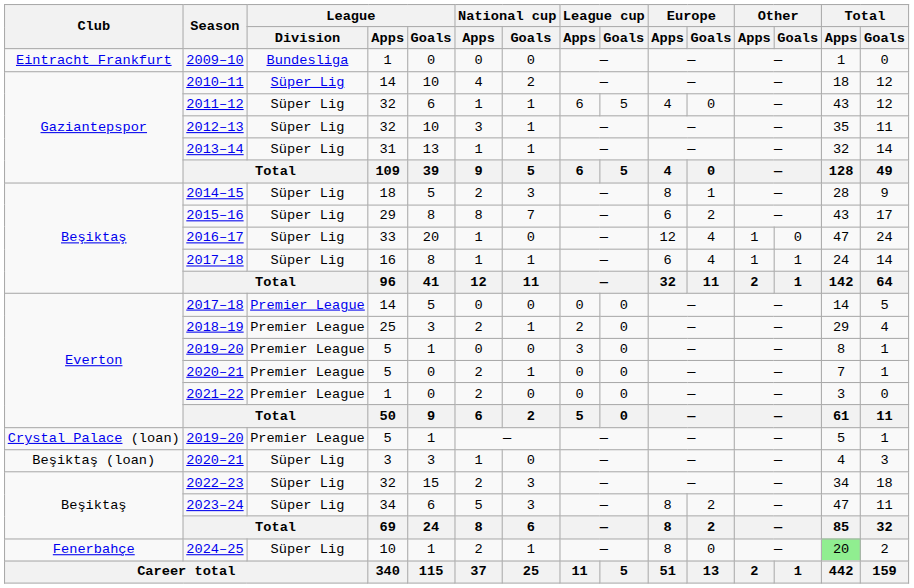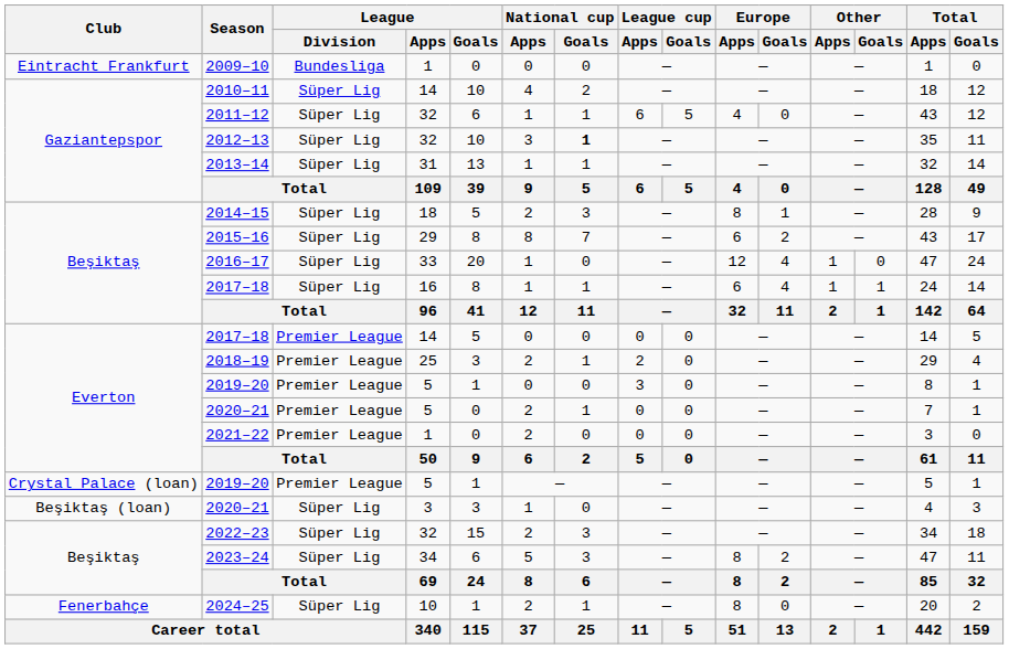 <table class="wikitable" style="text-align:center">
 <tr>
 <th rowspan="2">Club</th>
 <th rowspan="2">Season</th>
 <th colspan="3">League</th>
 <th colspan="2">National cup</th>
 <th colspan="2">League cup</th>
 <th colspan="2">Europe</th>
 <th colspan="2">Other</th>
 <th colspan="2">Total</th>
 </tr>
 <tr>
 <th>Division</th>
 <th>Apps</th>
 <th>Goals</th>
 <th>Apps</th>
 <th>Goals</th>
 <th>Apps</th>
 <th>Goals</th>
 <th>Apps</th>
 <th>Goals</th>
 <th>Apps</th>
 <th>Goals</th>
 <th>Apps</th>
 <th>Goals</th>
 </tr>
 <tr>
 <td><a href='#'>Eintracht Frankfurt</a></td>
 <td><a href='#'>2009–10</a></td>
 <td><a href='#'>Bundesliga</a></td>
 <td>1</td>
 <td>0</td>
 <td>0</td>
 <td>0</td>
 <td colspan="2">—</td>
 <td colspan="2">—</td>
 <td colspan="2">—</td>
 <td>1</td>
 <td>0</td>
 </tr>
 <tr>
 <td rowspan="5"><a href='#'>Gaziantepspor</a></td>
 <td><a href='#'>2010–11</a></td>
 <td><a href='#'>Süper Lig</a></td>
 <td>14</td>
 <td>10</td>
 <td>4</td>
 <td>2</td>
 <td colspan="2">—</td>
 <td colspan="2">—</td>
 <td colspan="2">—</td>
 <td>18</td>
 <td>12</td>
 </tr>
 <tr>
 <td><a href='#'>2011–12</a></td>
 <td>Süper Lig</td>
 <td>32</td>
 <td>6</td>
 <td>1</td>
 <td>1</td>
 <td>6</td>
 <td>5</td>
 <td>4</td>
 <td>0</td>
 <td colspan="2">—</td>
 <td>43</td>
 <td>12</td>
 </tr>
 <tr>
 <td><a href='#'>2012–13</a></td>
 <td>Süper Lig</td>
 <td>32</td>
 <td>10</td>
 <td>3</td>
-<td>1</td>
+<td><strong>1</strong></td>
 <td colspan="2">—</td>
 <td colspan="2">—</td>
 <td colspan="2">—</td>
 <td>35</td>
 <td>11</td>
 </tr>
 <tr>
 <td><a href='#'>2013–14</a></td>
 <td>Süper Lig</td>
 <td>31</td>
 <td>13</td>
 <td>1</td>
 <td>1</td>
 <td colspan="2">—</td>
 <td colspan="2">—</td>
 <td colspan="2">—</td>
 <td>32</td>
 <td>14</td>
 </tr>
 <tr>
 <th colspan="2">Total</th>
 <th>109</th>
 <th>39</th>
 <th>9</th>
 <th>5</th>
 <th>6</th>
 <th>5</th>
 <th>4</th>
 <th>0</th>
 <th colspan="2">—</th>
 <th>128</th>
 <th>49</th>
 </tr>
 <tr>
 <td rowspan="5"><a href='#'>Beşiktaş</a></td>
 <td><a href='#'>2014–15</a></td>
 <td>Süper Lig</td>
 <td>18</td>
 <td>5</td>
 <td>2</td>
 <td>3</td>
 <td colspan="2">—</td>
 <td>8</td>
 <td>1</td>
 <td colspan="2">—</td>
 <td>28</td>
 <td>9</td>
 </tr>
 <tr>
 <td><a href='#'>2015–16</a></td>
 <td>Süper Lig</td>
 <td>29</td>
 <td>8</td>
 <td>8</td>
 <td>7</td>
 <td colspan="2">—</td>
 <td>6</td>
 <td>2</td>
 <td colspan="2">—</td>
 <td>43</td>
 <td>17</td>
 </tr>
 <tr>
 <td><a href='#'>2016–17</a></td>
 <td>Süper Lig</td>
 <td>33</td>
 <td>20</td>
 <td>1</td>
 <td>0</td>
 <td colspan="2">—</td>
 <td>12</td>
 <td>4</td>
 <td>1</td>
 <td>0</td>
 <td>47</td>
 <td>24</td>
 </tr>
 <tr>
 <td><a href='#'>2017–18</a></td>
 <td>Süper Lig</td>
 <td>16</td>
 <td>8</td>
 <td>1</td>
 <td>1</td>
 <td colspan="2">—</td>
 <td>6</td>
 <td>4</td>
 <td>1</td>
 <td>1</td>
 <td>24</td>
 <td>14</td>
 </tr>
 <tr>
 <th colspan="2">Total</th>
 <th>96</th>
 <th>41</th>
 <th>12</th>
 <th>11</th>
 <th colspan="2">—</th>
 <th>32</th>
 <th>11</th>
 <th>2</th>
 <th>1</th>
 <th>142</th>
 <th>64</th>
 </tr>
 <tr>
 <td rowspan="6"><a href='#'>Everton</a></td>
 <td><a href='#'>2017–18</a></td>
 <td><a href='#'>Premier League</a></td>
 <td>14</td>
 <td>5</td>
 <td>0</td>
 <td>0</td>
 <td>0</td>
 <td>0</td>
 <td colspan="2">—</td>
 <td colspan="2">—</td>
 <td>14</td>
 <td>5</td>
 </tr>
 <tr>
 <td><a href='#'>2018–19</a></td>
 <td>Premier League</td>
 <td>25</td>
 <td>3</td>
 <td>2</td>
 <td>1</td>
 <td>2</td>
 <td>0</td>
 <td colspan="2">—</td>
 <td colspan="2">—</td>
 <td>29</td>
 <td>4</td>
 </tr>
 <tr>
 <td><a href='#'>2019–20</a></td>
 <td>Premier League</td>
 <td>5</td>
 <td>1</td>
 <td>0</td>
 <td>0</td>
 <td>3</td>
 <td>0</td>
 <td colspan="2">—</td>
 <td colspan="2">—</td>
 <td>8</td>
 <td>1</td>
 </tr>
 <tr>
 <td><a href='#'>2020–21</a></td>
 <td>Premier League</td>
 <td>5</td>
 <td>0</td>
 <td>2</td>
 <td>1</td>
 <td>0</td>
 <td>0</td>
 <td colspan="2">—</td>
 <td colspan="2">—</td>
 <td>7</td>
 <td>1</td>
 </tr>
 <tr>
 <td><a href='#'>2021–22</a></td>
 <td>Premier League</td>
 <td>1</td>
 <td>0</td>
 <td>2</td>
 <td>0</td>
 <td>0</td>
 <td>0</td>
 <td colspan="2">—</td>
 <td colspan="2">—</td>
 <td>3</td>
 <td>0</td>
 </tr>
 <tr>
 <th colspan="2">Total</th>
 <th>50</th>
 <th>9</th>
 <th>6</th>
 <th>2</th>
 <th>5</th>
 <th>0</th>
 <th colspan="2">—</th>
 <th colspan="2">—</th>
 <th>61</th>
 <th>11</th>
 </tr>
 <tr>
 <td><a href='#'>Crystal Palace</a> (loan)</td>
 <td><a href='#'>2019–20</a></td>
 <td>Premier League</td>
 <td>5</td>
 <td>1</td>
 <td colspan="2">—</td>
 <td colspan="2">—</td>
 <td colspan="2">—</td>
 <td colspan="2">—</td>
 <td>5</td>
 <td>1</td>
 </tr>
 <tr>
 <td>Beşiktaş (loan)</td>
 <td><a href='#'>2020–21</a></td>
 <td>Süper Lig</td>
 <td>3</td>
 <td>3</td>
 <td>1</td>
 <td>0</td>
 <td colspan="2">—</td>
 <td colspan="2">—</td>
 <td colspan="2">—</td>
 <td>4</td>
 <td>3</td>
 </tr>
 <tr>
 <td rowspan="3">Beşiktaş</td>
 <td><a href='#'>2022–23</a></td>
 <td>Süper Lig</td>
 <td>32</td>
 <td>15</td>
 <td>2</td>
 <td>3</td>
 <td colspan="2">—</td>
 <td colspan="2">—</td>
 <td colspan="2">—</td>
 <td>34</td>
 <td>18</td>
 </tr>
 <tr>
 <td><a href='#'>2023–24</a></td>
 <td>Süper Lig</td>
 <td>34</td>
 <td>6</td>
 <td>5</td>
 <td>3</td>
 <td colspan="2">—</td>
 <td>8</td>
 <td>2</td>
 <td colspan="2">—</td>
 <td>47</td>
 <td>11</td>
 </tr>
 <tr>
 <th colspan="2">Total</th>
 <th>69</th>
 <th>24</th>
 <th>8</th>
 <th>6</th>
 <th colspan="2">—</th>
 <th>8</th>
 <th>2</th>
 <th colspan="2">—</th>
 <th>85</th>
 <th>32</th>
 </tr>
 <tr>
 <td><a href='#'>Fenerbahçe</a></td>
 <td><a href='#'>2024–25</a></td>
 <td>Süper Lig</td>
 <td>10</td>
 <td>1</td>
 <td>2</td>
 <td>1</td>
 <td colspan="2">—</td>
 <td>8</td>
 <td>0</td>
 <td colspan="2">—</td>
-<td style="background: lightgreen;">20</td>
+<td>20</td>
 <td>2</td>
 </tr>
 <tr>
 <th colspan="3">Career total</th>
 <th>340</th>
 <th>115</th>
 <th>37</th>
 <th>25</th>
 <th>11</th>
 <th>5</th>
 <th>51</th>
 <th>13</th>
 <th>2</th>
 <th>1</th>
 <th>442</th>
 <th>159</th>
 </tr>
 </table>
